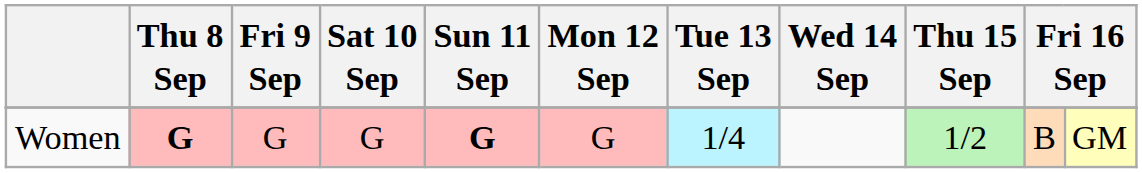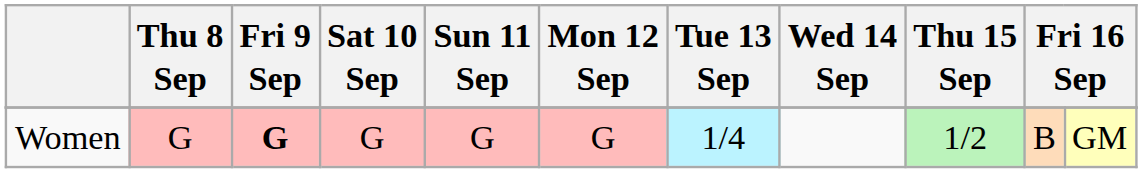 <table class="wikitable" style="margin:0.5em auto; font-size:90%; line-height:1.25em;">
 <tr>
 <th></th>
 <th>Thu 8<br>Sep</th>
 <th>Fri 9<br>Sep</th>
 <th>Sat 10<br>Sep</th>
 <th>Sun 11<br>Sep</th>
 <th>Mon 12<br>Sep</th>
 <th>Tue 13<br>Sep</th>
 <th>Wed 14<br>Sep</th>
 <th>Thu 15<br>Sep</th>
 <th colspan="2">Fri 16<br>Sep</th>
 </tr>
 <tr>
 </tr>
 <tr align="center">
 <td align="left">Women</td>
+<td bgcolor="#FFBBBB">G</td>
 <td bgcolor="#FFBBBB"><strong>G</strong></td>
 <td bgcolor="#FFBBBB">G</td>
 <td bgcolor="#FFBBBB">G</td>
-<td bgcolor="#FFBBBB"><strong>G</strong></td>
 <td bgcolor="#FFBBBB">G</td>
 <td bgcolor="#BBF3FF">1/4</td>
 <td></td>
 <td bgcolor="#BBF3BB">1/2</td>
 <td bgcolor="#FEDCBA">B</td>
 <td bgcolor="#FFFFBB">GM</td>
 </tr>
 </table>
